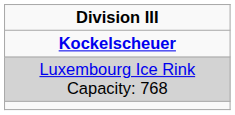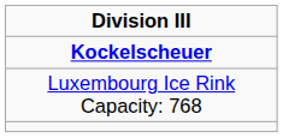 <table class="wikitable" style="text-align:center;" width=220px>
 <tr>
 <td><strong>Division III</strong></td>
 </tr>
 <tr>
 <td width=220px><strong><a href='#'>Kockelscheuer</a></strong></td>
 </tr>
 <tr>
-<td style="background: lightgrey;"><a href='#'>Luxembourg Ice Rink</a><br>Capacity: 768</td>
+<td><a href='#'>Luxembourg Ice Rink</a><br>Capacity: 768</td>
 </tr>
 <tr>
 <td></td>
 </tr>
 </table>
